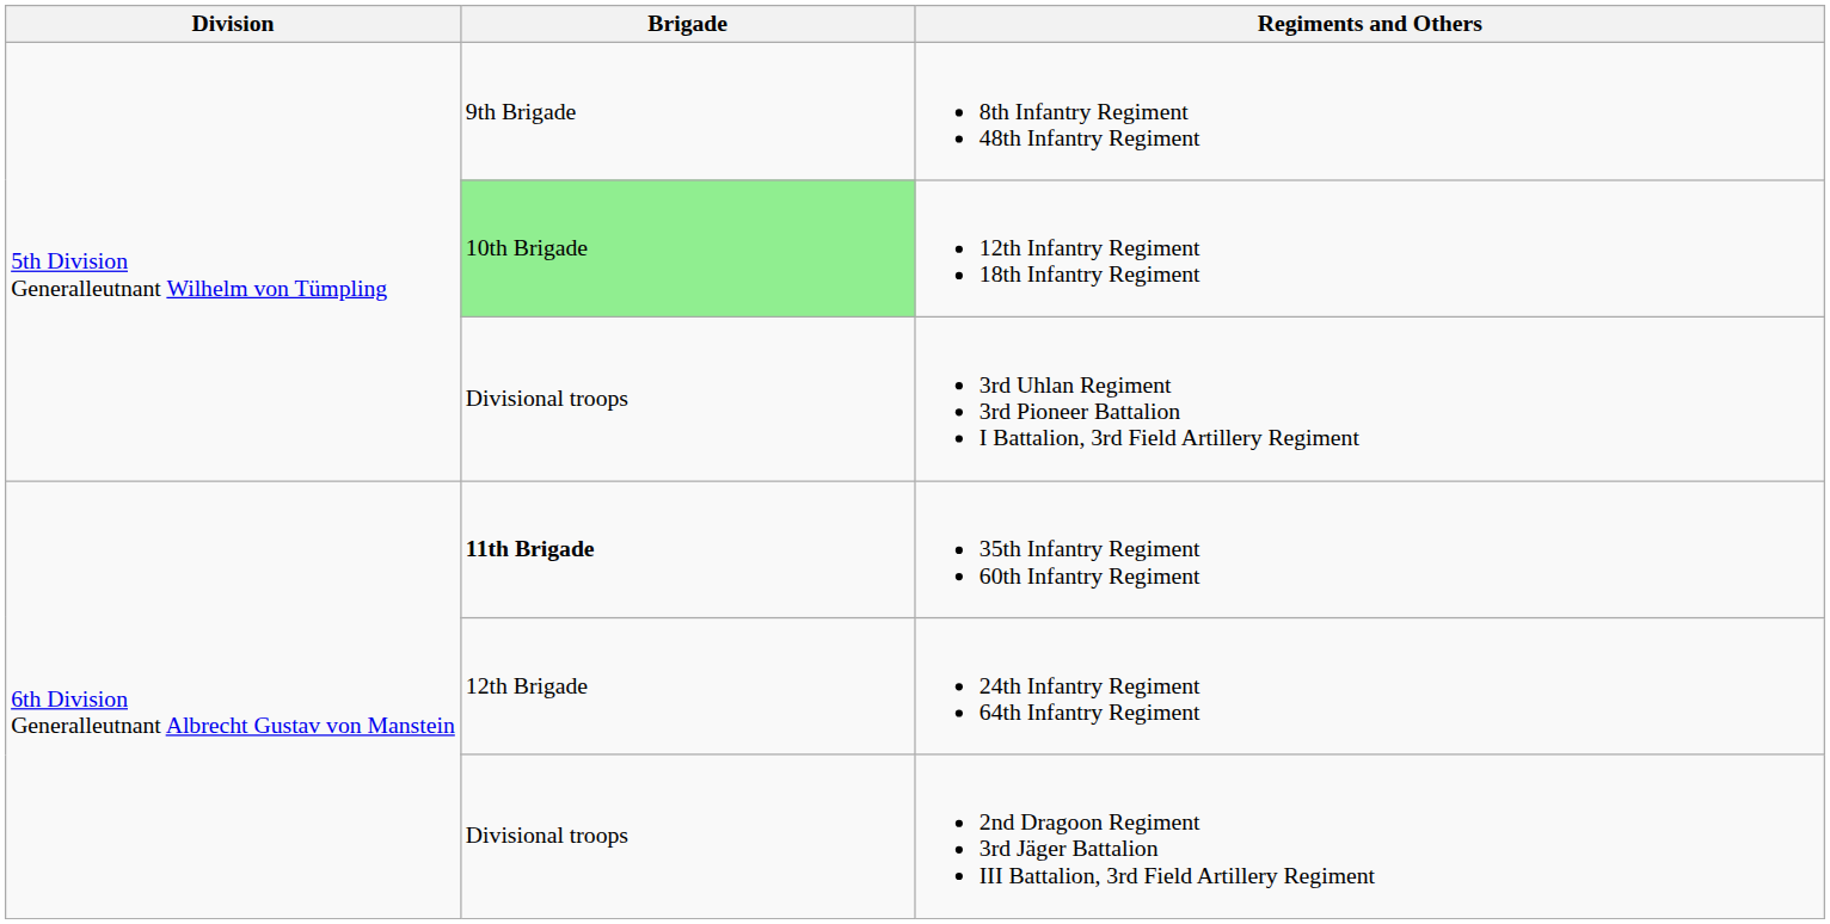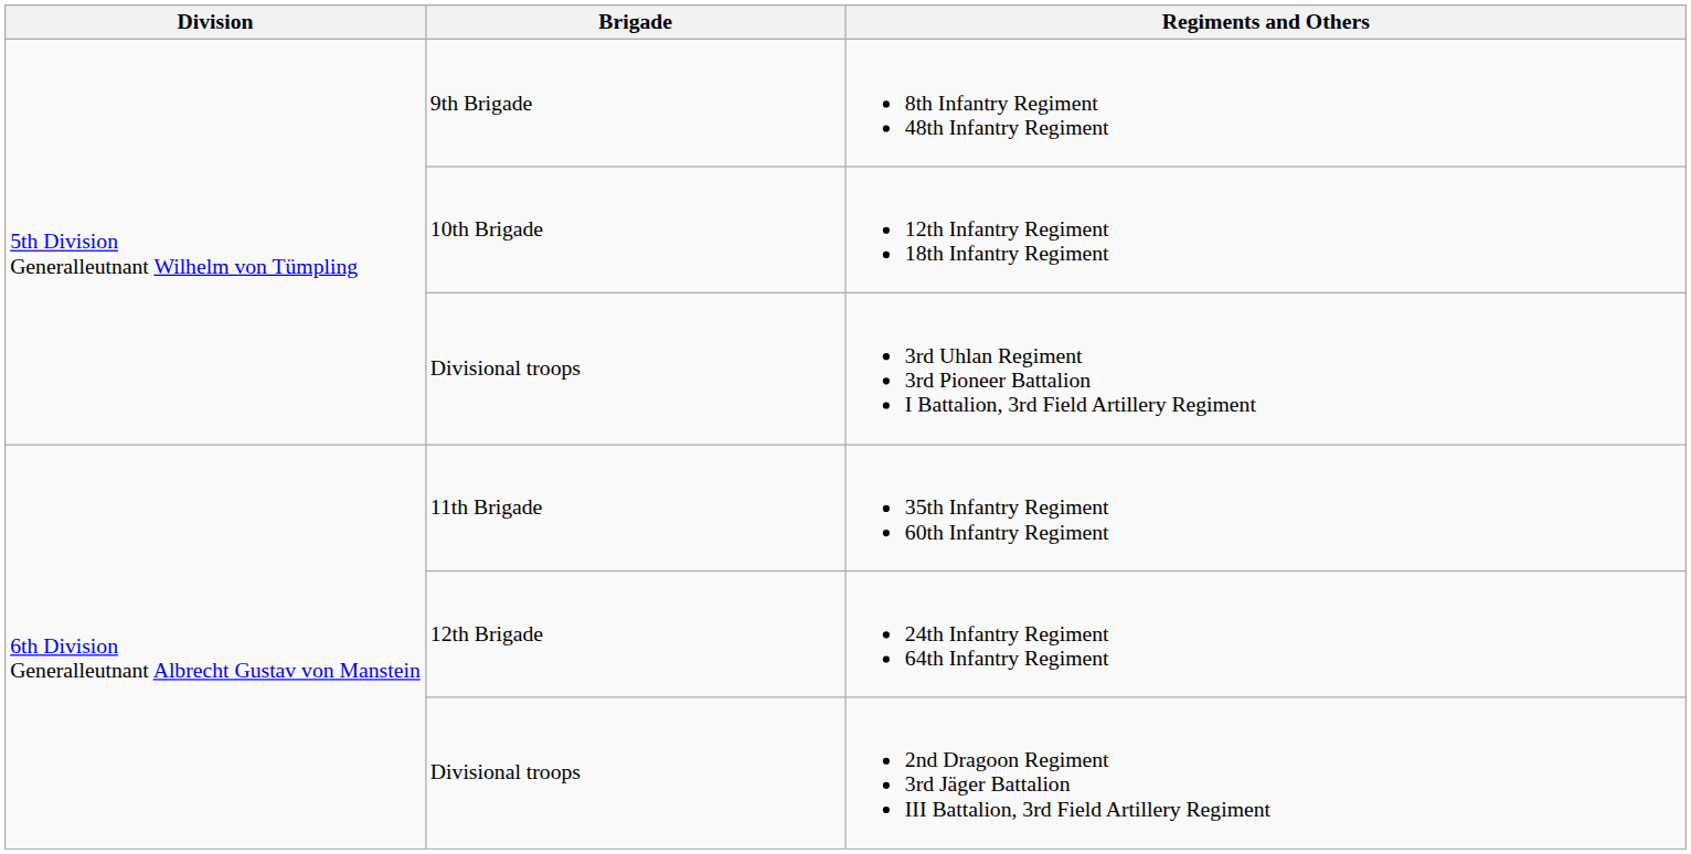 <table class="wikitable">
 <tr>
 <th style="width:25%;">Division</th>
 <th style="width:25%;">Brigade</th>
 <th>Regiments and Others</th>
 </tr>
 <tr>
 <td rowspan=3><br><a href='#'>5th Division</a> <br> Generalleutnant <a href='#'>Wilhelm von Tümpling</a></td>
 <td>9th Brigade</td>
 <td><br><ul><li>8th Infantry Regiment</li><li>48th Infantry Regiment</li></ul></td>
 </tr>
 <tr>
-<td style="background: lightgreen;">10th Brigade</td>
+<td>10th Brigade</td>
 <td><br><ul><li>12th Infantry Regiment</li><li>18th Infantry Regiment</li></ul></td>
 </tr>
 <tr>
 <td>Divisional troops</td>
 <td><br><ul><li>3rd Uhlan Regiment </li><li>3rd Pioneer Battalion</li><li>I Battalion, 3rd Field Artillery Regiment</li></ul></td>
 </tr>
 <tr>
 <td rowspan=3><br><a href='#'>6th Division</a> <br> Generalleutnant <a href='#'>Albrecht Gustav von Manstein</a></td>
-<td><strong>11th Brigade</strong></td>
+<td>11th Brigade</td>
 <td><br><ul><li>35th Infantry Regiment</li><li>60th Infantry Regiment</li></ul></td>
 </tr>
 <tr>
 <td>12th Brigade</td>
 <td><br><ul><li>24th Infantry Regiment</li><li>64th Infantry Regiment</li></ul></td>
 </tr>
 <tr>
 <td>Divisional troops</td>
 <td><br><ul><li>2nd Dragoon Regiment </li><li>3rd Jäger Battalion</li><li>III Battalion, 3rd Field Artillery Regiment</li></ul></td>
 </tr>
 </table>
